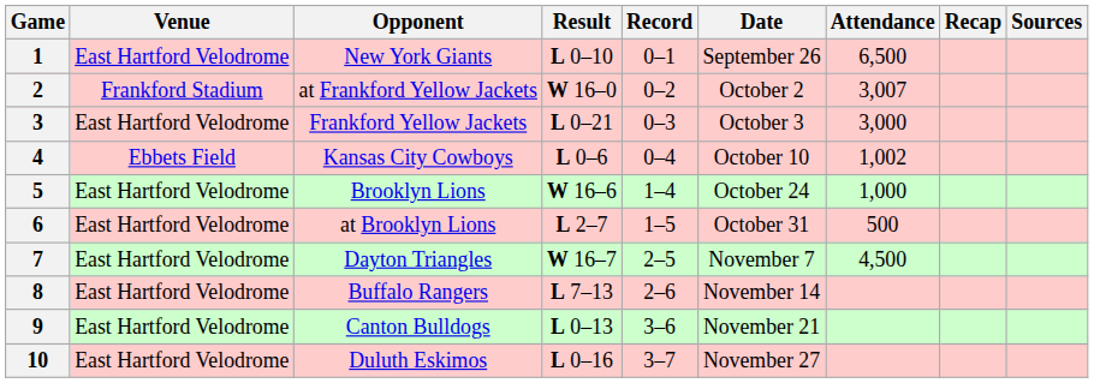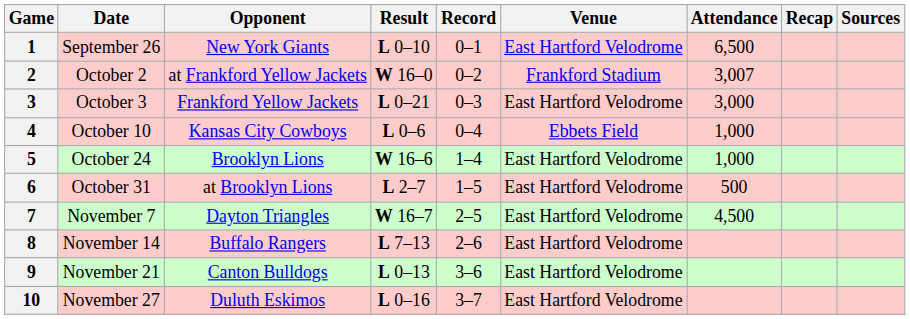 <table class="wikitable" style="text-align:center">
 <tr>
 <th>Game</th>
-<th>Venue</th>
+<th>Date</th>
 <th>Opponent</th>
 <th>Result</th>
 <th>Record</th>
-<th>Date</th>
+<th>Venue</th>
 <th>Attendance</th>
 <th>Recap</th>
 <th>Sources</th>
 </tr>
 <tr style="background:#fcc">
 <th>1</th>
-<td><a href='#'>East Hartford Velodrome</a></td>
+<td>September 26</td>
 <td><a href='#'>New York Giants</a></td>
 <td><strong>L</strong> 0–10</td>
 <td>0–1</td>
-<td>September 26</td>
+<td><a href='#'>East Hartford Velodrome</a></td>
 <td>6,500</td>
 <td></td>
 <td></td>
 </tr>
 <tr style="background:#fcc">
 <th>2</th>
-<td><a href='#'>Frankford Stadium</a></td>
+<td>October 2</td>
 <td>at <a href='#'>Frankford Yellow Jackets</a></td>
 <td><strong>W</strong> 16–0</td>
 <td>0–2</td>
-<td>October 2</td>
+<td><a href='#'>Frankford Stadium</a></td>
 <td>3,007 </td>
 <td></td>
 <td></td>
 </tr>
 <tr style="background:#fcc">
 <th>3</th>
-<td>East Hartford Velodrome</td>
+<td>October 3</td>
 <td><a href='#'>Frankford Yellow Jackets</a></td>
 <td><strong>L</strong> 0–21</td>
 <td>0–3</td>
-<td>October 3</td>
+<td>East Hartford Velodrome</td>
 <td>3,000</td>
 <td></td>
 <td></td>
 </tr>
 <tr style="background:#fcc">
 <th>4</th>
-<td><a href='#'>Ebbets Field</a></td>
+<td>October 10</td>
 <td><a href='#'>Kansas City Cowboys</a></td>
 <td><strong>L</strong> 0–6</td>
 <td>0–4</td>
-<td>October 10</td>
-<td>1,002</td>
+<td><a href='#'>Ebbets Field</a></td>
+<td>1,000</td>
 <td></td>
 <td></td>
 </tr>
 <tr style="background:#cfc">
 <th>5</th>
-<td>East Hartford Velodrome</td>
+<td>October 24</td>
 <td><a href='#'>Brooklyn Lions</a></td>
 <td><strong>W</strong> 16–6</td>
 <td>1–4</td>
-<td>October 24</td>
+<td>East Hartford Velodrome</td>
 <td>1,000</td>
 <td></td>
 <td></td>
 </tr>
 <tr style="background:#fcc">
 <th>6</th>
-<td>East Hartford Velodrome</td>
+<td>October 31</td>
 <td>at <a href='#'>Brooklyn Lions</a></td>
 <td><strong>L</strong> 2–7</td>
 <td>1–5</td>
-<td>October 31</td>
+<td>East Hartford Velodrome</td>
 <td>500</td>
 <td></td>
 <td></td>
 </tr>
 <tr style="background:#cfc">
 <th>7</th>
-<td>East Hartford Velodrome</td>
+<td>November 7</td>
 <td><a href='#'>Dayton Triangles</a></td>
 <td><strong>W</strong> 16–7</td>
 <td>2–5</td>
-<td>November 7</td>
+<td>East Hartford Velodrome</td>
 <td>4,500</td>
 <td></td>
 <td></td>
 </tr>
 <tr style="background:#fcc">
 <th>8</th>
-<td>East Hartford Velodrome</td>
+<td>November 14</td>
 <td><a href='#'>Buffalo Rangers</a></td>
 <td><strong>L</strong> 7–13</td>
 <td>2–6</td>
-<td>November 14</td>
+<td>East Hartford Velodrome</td>
 <td></td>
 <td></td>
 <td></td>
 </tr>
 <tr style="background:#cfc">
 <th>9</th>
-<td>East Hartford Velodrome</td>
+<td>November 21</td>
 <td><a href='#'>Canton Bulldogs</a></td>
 <td><strong>L</strong> 0–13</td>
 <td>3–6</td>
-<td>November 21</td>
+<td>East Hartford Velodrome</td>
 <td></td>
 <td></td>
 <td></td>
 </tr>
 <tr style="background:#fcc">
 <th>10</th>
-<td>East Hartford Velodrome</td>
+<td>November 27</td>
 <td><a href='#'>Duluth Eskimos</a></td>
 <td><strong>L</strong> 0–16</td>
 <td>3–7</td>
-<td>November 27</td>
+<td>East Hartford Velodrome</td>
 <td></td>
 <td></td>
 <td></td>
 </tr>
 </table>
